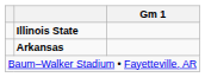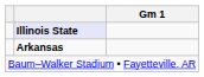 <table class="wikitable" style="float:right; font-size:90%">
 <tr>
 <th style="width: 5px"></th>
 <th style="width: 120px"></th>
 <th>Gm 1</th>
 </tr>
 <tr>
 <td></td>
-<td><strong>Illinois State</strong></td>
+<td style="background: lavender;"><strong>Illinois State</strong></td>
 <td></td>
 </tr>
 <tr>
 <td></td>
 <td><strong>Arkansas</strong></td>
 <td></td>
 </tr>
 <tr>
 <td colspan=6 style="text-align:center"><a href='#'>Baum–Walker Stadium</a> • <a href='#'>Fayetteville, AR</a><br></td>
 </tr>
 </table>
